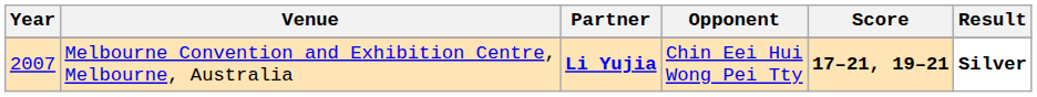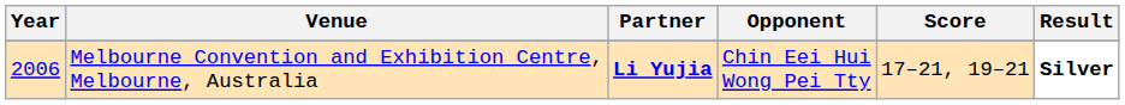 <table class="sortable wikitable" style="font-size: 90%;">
 <tr>
 <th>Year</th>
 <th>Venue</th>
 <th>Partner</th>
 <th>Opponent</th>
 <th>Score</th>
 <th>Result</th>
 </tr>
 <tr>
 </tr>
 <tr style="background:#FFE4B5">
-<td align="center"><a href='#'>2007</a></td>
+<td align="center"><a href='#'>2006</a></td>
 <td align="left"><a href='#'>Melbourne Convention and Exhibition Centre</a>,<br><a href='#'>Melbourne</a>, Australia</td>
 <td align="left"><strong> <a href='#'>Li Yujia</a></strong></td>
 <td align="left"> <a href='#'>Chin Eei Hui</a><br> <a href='#'>Wong Pei Tty</a></td>
-<td align="left"><strong>17–21, 19–21</strong></td>
+<td align="left">17–21, 19–21</td>
 <td style="text-align:left; background:white"> <strong>Silver</strong></td>
 </tr>
 </table>
